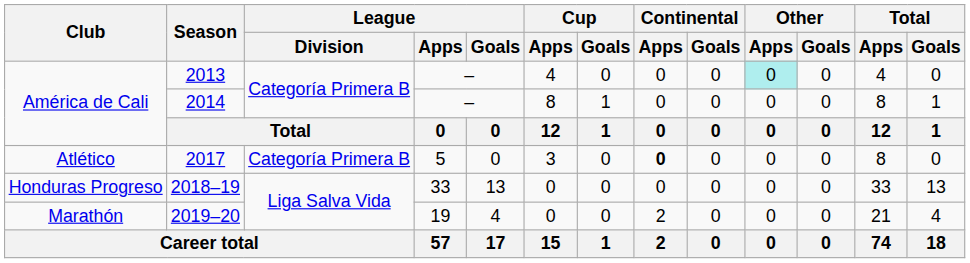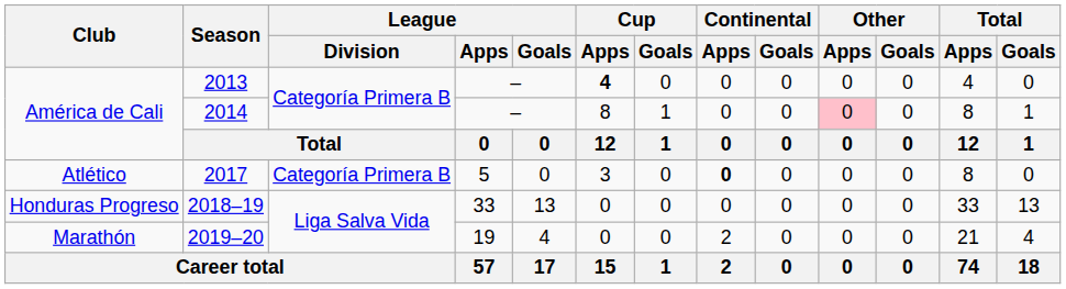 <table class="wikitable" style="text-align: center">
 <tr>
 <th rowspan="2">Club</th>
 <th rowspan="2">Season</th>
 <th colspan="3">League</th>
 <th colspan="2">Cup</th>
 <th colspan="2">Continental</th>
 <th colspan="2">Other</th>
 <th colspan="2">Total</th>
 </tr>
 <tr>
 <th>Division</th>
 <th>Apps</th>
 <th>Goals</th>
 <th>Apps</th>
 <th>Goals</th>
 <th>Apps</th>
 <th>Goals</th>
 <th>Apps</th>
 <th>Goals</th>
 <th>Apps</th>
 <th>Goals</th>
 </tr>
 <tr>
 <td rowspan="3"><a href='#'>América de Cali</a></td>
 <td><a href='#'>2013</a></td>
 <td rowspan="2"><a href='#'>Categoría Primera B</a></td>
 <td colspan="2">–</td>
-<td>4</td>
+<td><strong>4</strong></td>
 <td>0</td>
 <td>0</td>
 <td>0</td>
-<td style="background: paleturquoise;">0</td>
+<td>0</td>
 <td>0</td>
 <td>4</td>
 <td>0</td>
 </tr>
 <tr>
 <td><a href='#'>2014</a></td>
 <td colspan="2">–</td>
 <td>8</td>
 <td>1</td>
 <td>0</td>
 <td>0</td>
-<td>0</td>
+<td style="background: pink;">0</td>
 <td>0</td>
 <td>8</td>
 <td>1</td>
 </tr>
 <tr>
 <th colspan="2"><strong>Total</strong></th>
 <th>0</th>
 <th>0</th>
 <th>12</th>
 <th>1</th>
 <th>0</th>
 <th>0</th>
 <th>0</th>
 <th>0</th>
 <th>12</th>
 <th>1</th>
 </tr>
 <tr>
 <td><a href='#'>Atlético</a></td>
 <td><a href='#'>2017</a></td>
 <td><a href='#'>Categoría Primera B</a></td>
 <td>5</td>
 <td>0</td>
 <td>3</td>
 <td>0</td>
 <td><strong>0</strong></td>
 <td>0</td>
 <td>0</td>
 <td>0</td>
 <td>8</td>
 <td>0</td>
 </tr>
 <tr>
 <td><a href='#'>Honduras Progreso</a></td>
 <td><a href='#'>2018–19</a></td>
 <td rowspan="2"><a href='#'>Liga Salva Vida</a></td>
 <td>33</td>
 <td>13</td>
 <td>0</td>
 <td>0</td>
 <td>0</td>
 <td>0</td>
 <td>0</td>
 <td>0</td>
 <td>33</td>
 <td>13</td>
 </tr>
 <tr>
 <td><a href='#'>Marathón</a></td>
 <td><a href='#'>2019–20</a></td>
 <td>19</td>
 <td>4</td>
 <td>0</td>
 <td>0</td>
 <td>2</td>
 <td>0</td>
 <td>0</td>
 <td>0</td>
 <td>21</td>
 <td>4</td>
 </tr>
 <tr>
 <th colspan="3"><strong>Career total</strong></th>
 <th>57</th>
 <th>17</th>
 <th>15</th>
 <th>1</th>
 <th>2</th>
 <th>0</th>
 <th>0</th>
 <th>0</th>
 <th>74</th>
 <th>18</th>
 </tr>
 </table>
